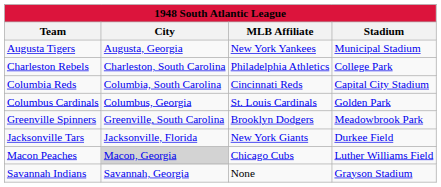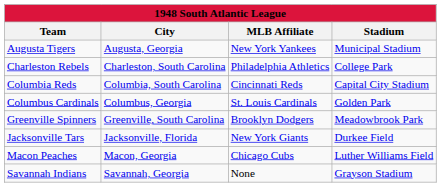 <table class="wikitable" style="width:auto">
 <tr>
 <td bgcolor="#DC143C" align="center" colspan="7"><strong><span>1948 South Atlantic League</span></strong></td>
 </tr>
 <tr>
 <th>Team</th>
 <th>City</th>
 <th>MLB Affiliate</th>
 <th>Stadium</th>
 </tr>
 <tr>
 <td><a href='#'>Augusta Tigers</a></td>
 <td><a href='#'>Augusta, Georgia</a></td>
 <td><a href='#'>New York Yankees</a></td>
 <td><a href='#'>Municipal Stadium</a></td>
 </tr>
 <tr>
 <td><a href='#'>Charleston Rebels</a></td>
 <td><a href='#'>Charleston, South Carolina</a></td>
 <td><a href='#'>Philadelphia Athletics</a></td>
 <td><a href='#'>College Park</a></td>
 </tr>
 <tr>
 <td><a href='#'>Columbia Reds</a></td>
 <td><a href='#'>Columbia, South Carolina</a></td>
 <td><a href='#'>Cincinnati Reds</a></td>
 <td><a href='#'>Capital City Stadium</a></td>
 </tr>
 <tr>
 <td><a href='#'>Columbus Cardinals</a></td>
 <td><a href='#'>Columbus, Georgia</a></td>
 <td><a href='#'>St. Louis Cardinals</a></td>
 <td><a href='#'>Golden Park</a></td>
 </tr>
 <tr>
 <td><a href='#'>Greenville Spinners</a></td>
 <td><a href='#'>Greenville, South Carolina</a></td>
 <td><a href='#'>Brooklyn Dodgers</a></td>
 <td><a href='#'>Meadowbrook Park</a></td>
 </tr>
 <tr>
 <td><a href='#'>Jacksonville Tars</a></td>
 <td><a href='#'>Jacksonville, Florida</a></td>
 <td><a href='#'>New York Giants</a></td>
 <td><a href='#'>Durkee Field</a></td>
 </tr>
 <tr>
 <td><a href='#'>Macon Peaches</a></td>
-<td style="background: lightgrey;"><a href='#'>Macon, Georgia</a></td>
+<td><a href='#'>Macon, Georgia</a></td>
 <td><a href='#'>Chicago Cubs</a></td>
 <td><a href='#'>Luther Williams Field</a></td>
 </tr>
 <tr>
 <td><a href='#'>Savannah Indians</a></td>
 <td><a href='#'>Savannah, Georgia</a></td>
 <td>None</td>
 <td><a href='#'>Grayson Stadium</a></td>
 </tr>
 </table>
